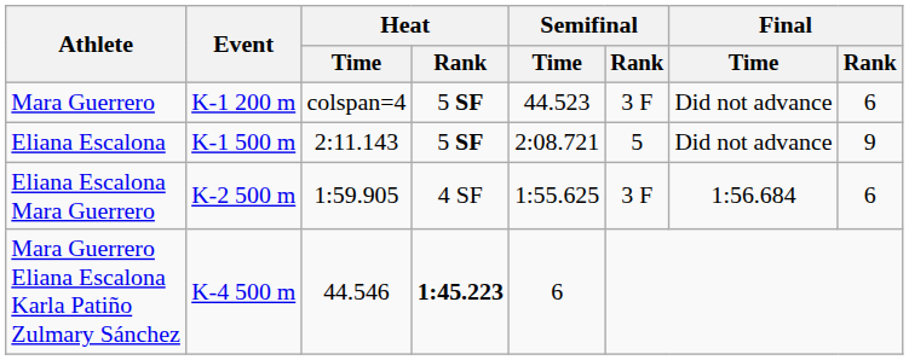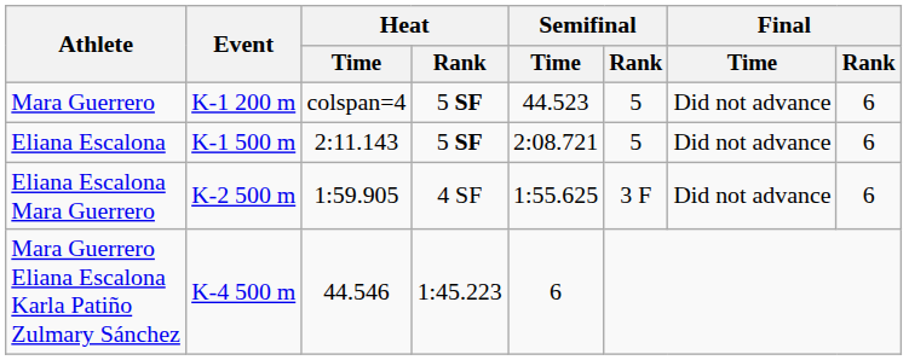 <table class=wikitable style=font-size:90%;text-align:center>
 <tr>
 <th rowspan=2>Athlete</th>
 <th rowspan=2>Event</th>
 <th colspan=2>Heat</th>
 <th colspan=2>Semifinal</th>
 <th colspan=2>Final</th>
 </tr>
 <tr style=font-size:95%>
 <th>Time</th>
 <th>Rank</th>
 <th>Time</th>
 <th>Rank</th>
 <th>Time</th>
 <th>Rank</th>
 </tr>
 <tr>
 <td align=left><a href='#'>Mara Guerrero</a></td>
 <td align=left><a href='#'>K-1 200 m</a></td>
 <td>colspan=4 </td>
 <td>5 <strong>SF</strong></td>
 <td>44.523</td>
-<td>3 F</td>
+<td>5</td>
 <td>Did not advance</td>
 <td>6</td>
 </tr>
 <tr>
 <td align=left><a href='#'>Eliana Escalona</a></td>
 <td align=left><a href='#'>K-1 500 m</a></td>
 <td>2:11.143</td>
 <td>5 <strong>SF</strong></td>
 <td>2:08.721</td>
 <td>5</td>
 <td>Did not advance</td>
-<td>9</td>
+<td>6</td>
 </tr>
 <tr>
 <td align=left><a href='#'>Eliana Escalona</a><br><a href='#'>Mara Guerrero</a></td>
 <td align=left><a href='#'>K-2 500 m</a></td>
 <td>1:59.905</td>
 <td>4 SF</td>
 <td>1:55.625</td>
 <td>3 F</td>
-<td>1:56.684</td>
+<td>Did not advance</td>
 <td>6</td>
 </tr>
 <tr>
 <td align=left><a href='#'>Mara Guerrero</a><br><a href='#'>Eliana Escalona</a><br><a href='#'>Karla Patiño</a><br><a href='#'>Zulmary Sánchez</a></td>
 <td align=left><a href='#'>K-4 500 m</a></td>
 <td>44.546</td>
-<td><strong>1:45.223</strong></td>
+<td>1:45.223</td>
 <td>6</td>
 </tr>
 </table>
